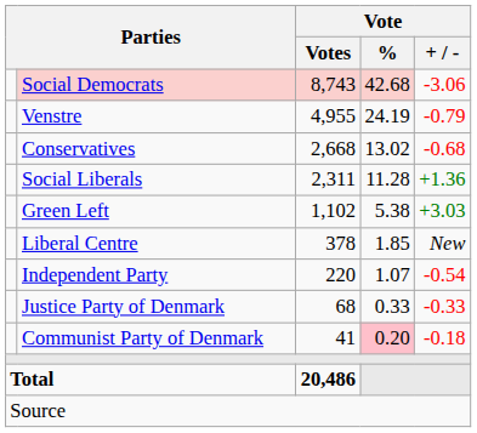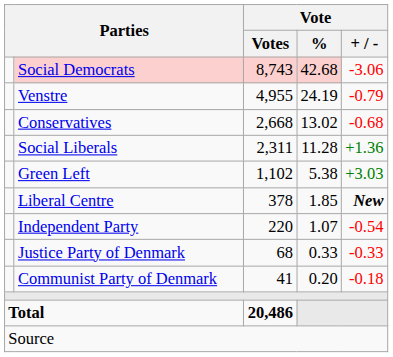 <table class="wikitable" style="text-align:right;">
 <tr>
 <th style="text-align:centre;" rowspan="2" colspan="2" width="225">Parties</th>
 <th colspan="3">Vote</th>
 </tr>
 <tr>
 <th width="15">Votes</th>
 <th width="15">%</th>
 <th width="15">+ / -</th>
 </tr>
 <tr>
 <td width="2" style="color:inherit;background:"></td>
 <td bgcolor=#fbd0ce  align="left"><a href='#'>Social Democrats</a></td>
 <td bgcolor=#fbd0ce>8,743</td>
 <td bgcolor=#fbd0ce>42.68</td>
 <td style=color:red;>-3.06</td>
 </tr>
 <tr>
 <td width="2" style="color:inherit;background:"></td>
 <td align="left"><a href='#'>Venstre</a></td>
 <td>4,955</td>
 <td>24.19</td>
 <td style=color:red;>-0.79</td>
 </tr>
 <tr>
 <td width="2" style="color:inherit;background:"></td>
 <td align="left"><a href='#'>Conservatives</a></td>
 <td>2,668</td>
 <td>13.02</td>
 <td style=color:red;>-0.68</td>
 </tr>
 <tr>
 <td width="2" style="color:inherit;background:"></td>
 <td align="left"><a href='#'>Social Liberals</a></td>
 <td>2,311</td>
 <td>11.28</td>
 <td style=color:green;>+1.36</td>
 </tr>
 <tr>
 <td width="2" style="color:inherit;background:"></td>
 <td align="left"><a href='#'>Green Left</a></td>
 <td>1,102</td>
 <td>5.38</td>
 <td style=color:green;>+3.03</td>
 </tr>
 <tr>
 <td width="2" style="color:inherit;background:"></td>
 <td align="left"><a href='#'>Liberal Centre</a></td>
 <td>378</td>
 <td>1.85</td>
-<td><em>New</em></td>
+<td><strong><em>New</em></strong></td>
 </tr>
 <tr>
 <td width="2" style="color:inherit;background:"></td>
 <td align="left"><a href='#'>Independent Party</a></td>
 <td>220</td>
 <td>1.07</td>
 <td style=color:red;>-0.54</td>
 </tr>
 <tr>
 <td width="2" style="color:inherit;background:"></td>
 <td align="left"><a href='#'>Justice Party of Denmark</a></td>
 <td>68</td>
 <td>0.33</td>
 <td style=color:red;>-0.33</td>
 </tr>
 <tr>
 <td width="2" style="color:inherit;background:"></td>
 <td align="left"><a href='#'>Communist Party of Denmark</a></td>
 <td>41</td>
-<td style="background: pink;">0.20</td>
+<td>0.20</td>
 <td style=color:red;>-0.18</td>
 </tr>
 <tr>
 <td colspan="7" bgcolor="#E9E9E9"></td>
 </tr>
 <tr>
 <td align="left" colspan="2"><strong>Total</strong></td>
 <td><strong>20,486</strong></td>
 <td bgcolor="#E9E9E9" colspan="2"></td>
 </tr>
 <tr>
 <td align="left" colspan="6">Source</td>
 </tr>
 </table>
